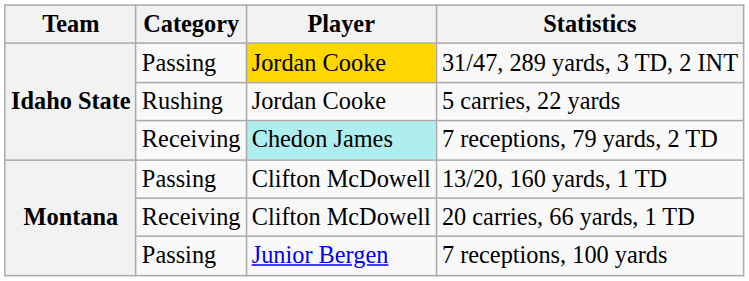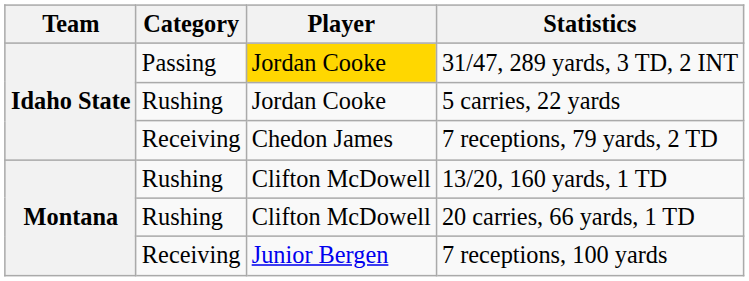 <table class="wikitable" style="float:right">
 <tr>
 <th>Team</th>
 <th>Category</th>
 <th>Player</th>
 <th>Statistics</th>
 </tr>
 <tr>
 <th rowspan=3>Idaho State</th>
 <td>Passing</td>
 <td style="background: gold;">Jordan Cooke</td>
 <td>31/47, 289 yards, 3 TD, 2 INT</td>
 </tr>
 <tr>
 <td>Rushing</td>
 <td>Jordan Cooke</td>
 <td>5 carries, 22 yards</td>
 </tr>
 <tr>
 <td>Receiving</td>
-<td style="background: paleturquoise;">Chedon James</td>
+<td>Chedon James</td>
 <td>7 receptions, 79 yards, 2 TD</td>
 </tr>
 <tr>
 <th rowspan=3>Montana</th>
-<td>Passing</td>
+<td>Rushing</td>
 <td>Clifton McDowell</td>
 <td>13/20, 160 yards, 1 TD</td>
 </tr>
 <tr>
-<td>Receiving</td>
+<td>Rushing</td>
 <td>Clifton McDowell</td>
 <td>20 carries, 66 yards, 1 TD</td>
 </tr>
 <tr>
-<td>Passing</td>
+<td>Receiving</td>
 <td><a href='#'>Junior Bergen</a></td>
 <td>7 receptions, 100 yards</td>
 </tr>
 </table>
